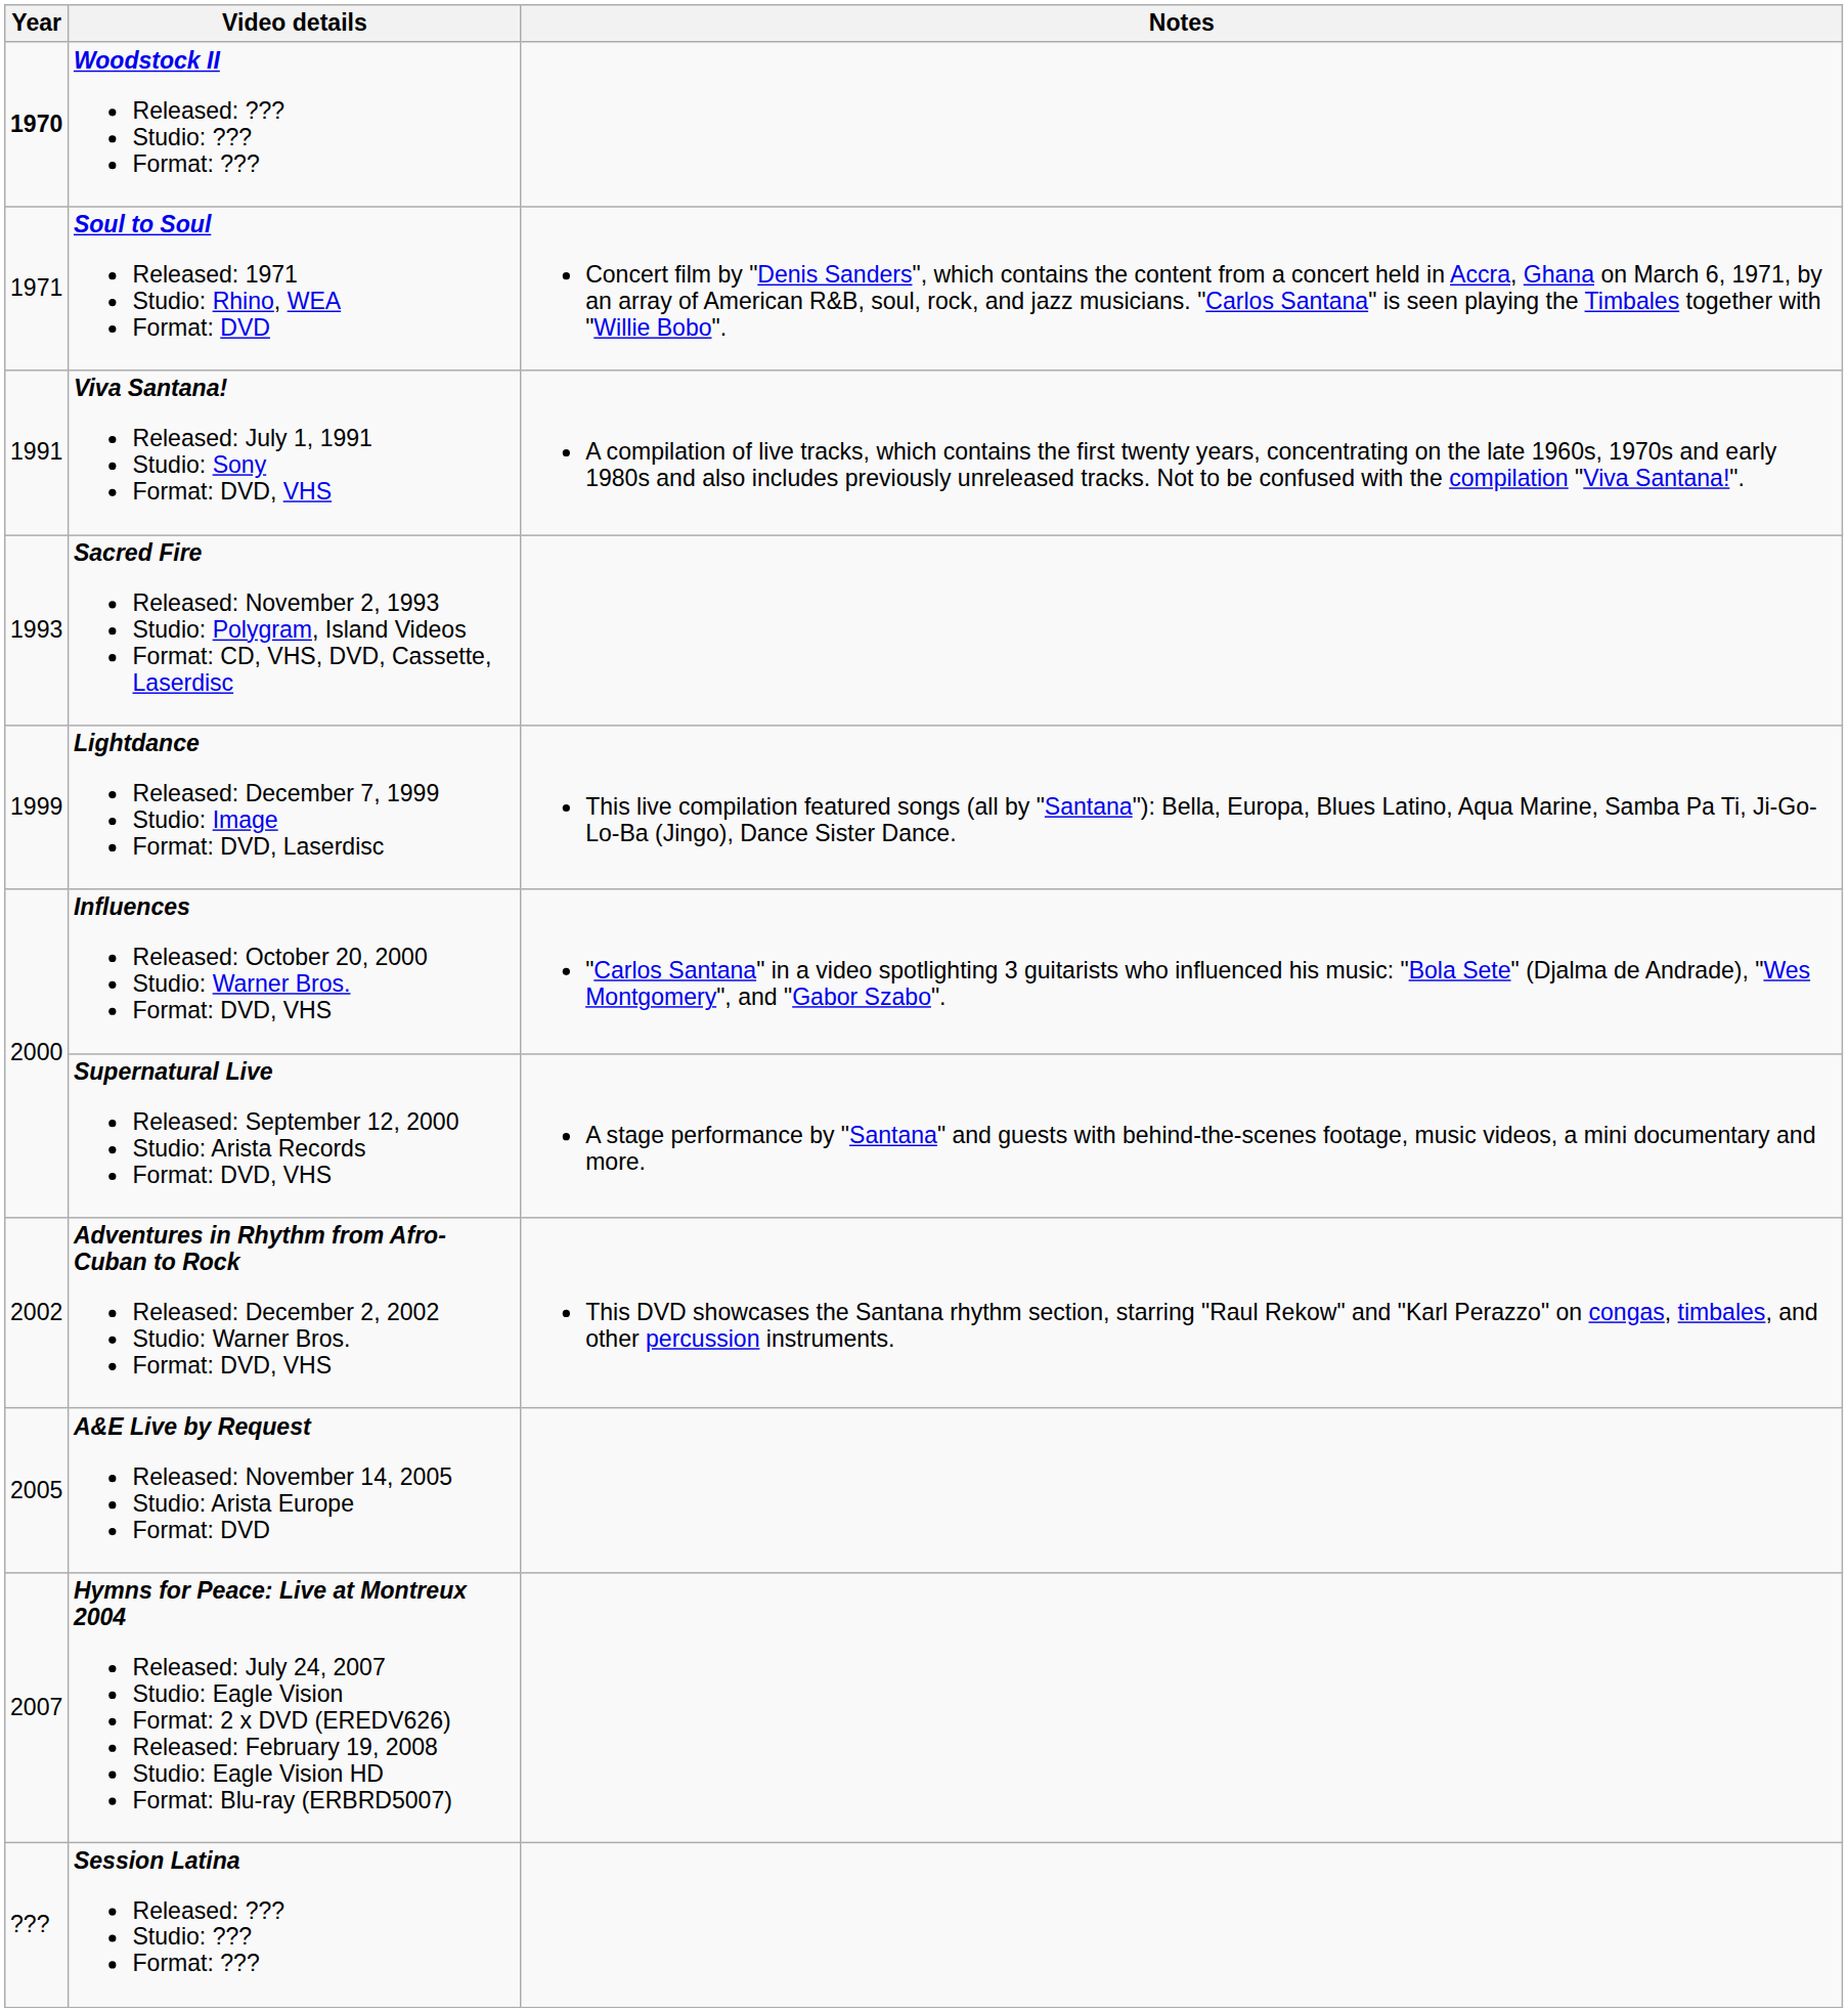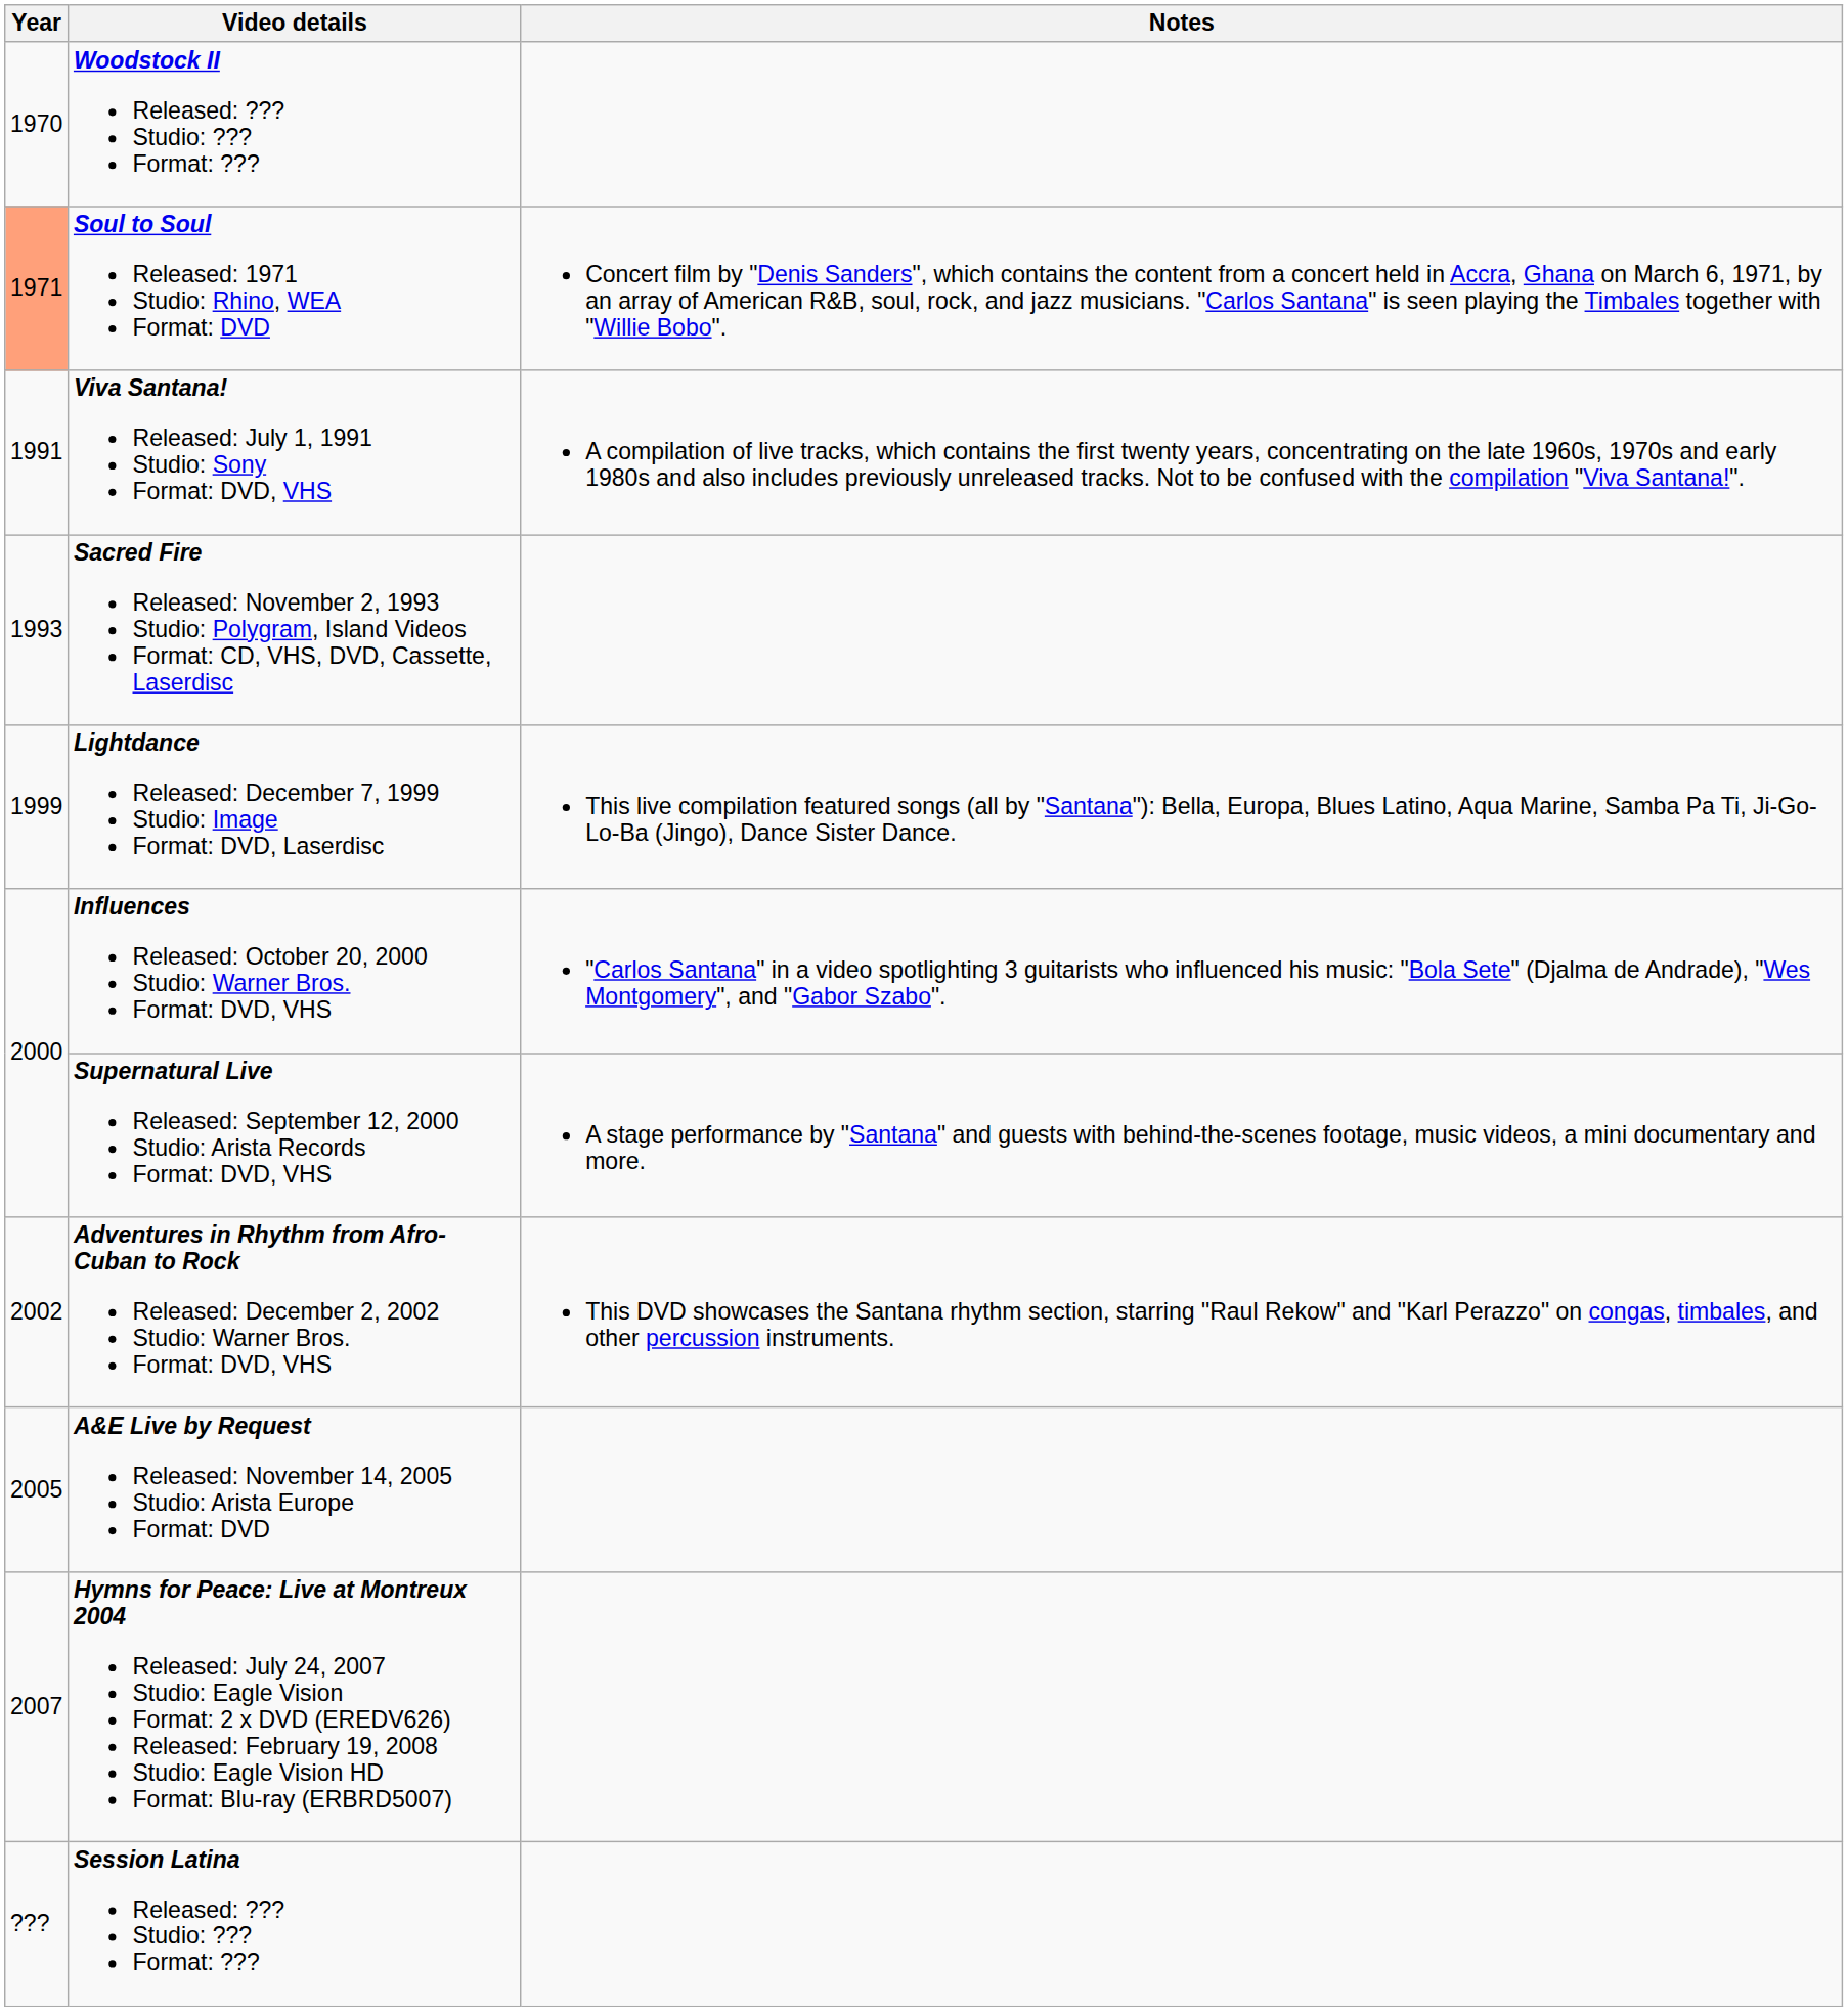 <table class="wikitable">
 <tr>
 <th style="text-align:center;">Year</th>
 <th style="text-align:center; width:300px;">Video details</th>
 <th>Notes</th>
 </tr>
 <tr>
-<td><strong>1970</strong></td>
+<td>1970</td>
 <td><strong><em><a href='#'>Woodstock II</a></em></strong><br><ul><li>Released: ???</li><li>Studio: ???</li><li>Format: ???</li></ul></td>
 <td></td>
 </tr>
 <tr>
-<td>1971</td>
+<td style="background: lightsalmon;">1971</td>
 <td><strong><em><a href='#'>Soul to Soul</a></em></strong><br><ul><li>Released: 1971</li><li>Studio: <a href='#'>Rhino</a>, <a href='#'>WEA</a></li><li>Format: <a href='#'>DVD</a></li></ul></td>
 <td><br><ul><li>Concert film by "<a href='#'>Denis Sanders</a>", which contains the content from a concert held in <a href='#'>Accra</a>, <a href='#'>Ghana</a> on March 6, 1971, by an array of American R&B, soul, rock, and jazz musicians. "<a href='#'>Carlos Santana</a>" is seen playing the <a href='#'>Timbales</a> together with "<a href='#'>Willie Bobo</a>".</li></ul></td>
 </tr>
 <tr>
 <td>1991</td>
 <td><strong><em>Viva Santana!</em></strong><br><ul><li>Released: July 1, 1991</li><li>Studio: <a href='#'>Sony</a></li><li>Format: DVD, <a href='#'>VHS</a></li></ul></td>
 <td><br><ul><li>A compilation of live tracks, which contains the first twenty years, concentrating on the late 1960s, 1970s and early 1980s and also includes previously unreleased tracks. Not to be confused with the <a href='#'>compilation</a> "<a href='#'>Viva Santana!</a>".</li></ul></td>
 </tr>
 <tr>
 <td>1993</td>
 <td><strong><em>Sacred Fire</em></strong><br><ul><li>Released: November 2, 1993</li><li>Studio: <a href='#'>Polygram</a>, Island Videos</li><li>Format: CD, VHS, DVD, Cassette, <a href='#'>Laserdisc</a></li></ul></td>
 <td></td>
 </tr>
 <tr>
 <td>1999</td>
 <td><strong><em>Lightdance</em></strong><br><ul><li>Released: December 7, 1999</li><li>Studio: <a href='#'>Image</a></li><li>Format: DVD, Laserdisc</li></ul></td>
 <td><br><ul><li>This live compilation featured songs (all by "<a href='#'>Santana</a>"): Bella, Europa, Blues Latino, Aqua Marine, Samba Pa Ti, Ji-Go-Lo-Ba (Jingo), Dance Sister Dance.</li></ul></td>
 </tr>
 <tr>
 <td rowspan="2">2000</td>
 <td><strong><em>Influences</em></strong><br><ul><li>Released: October 20, 2000</li><li>Studio: <a href='#'>Warner Bros.</a></li><li>Format: DVD, VHS</li></ul></td>
 <td><br><ul><li>"<a href='#'>Carlos Santana</a>" in a video spotlighting 3 guitarists who influenced his music: "<a href='#'>Bola Sete</a>" (Djalma de Andrade), "<a href='#'>Wes Montgomery</a>", and "<a href='#'>Gabor Szabo</a>".</li></ul></td>
 </tr>
 <tr>
 <td><strong><em>Supernatural Live</em></strong><br><ul><li>Released: September 12, 2000</li><li>Studio: Arista Records</li><li>Format: DVD, VHS</li></ul></td>
 <td><br><ul><li>A stage performance by "<a href='#'>Santana</a>" and guests with behind-the-scenes footage, music videos, a mini documentary and more.</li></ul></td>
 </tr>
 <tr>
 <td>2002</td>
 <td><strong><em>Adventures in Rhythm from Afro-Cuban to Rock</em></strong><br><ul><li>Released: December 2, 2002</li><li>Studio: Warner Bros.</li><li>Format: DVD, VHS</li></ul></td>
 <td><br><ul><li>This DVD showcases the Santana rhythm section, starring "Raul Rekow" and "Karl Perazzo" on <a href='#'>congas</a>, <a href='#'>timbales</a>, and other <a href='#'>percussion</a> instruments.</li></ul></td>
 </tr>
 <tr>
 <td>2005</td>
 <td><strong><em>A&E Live by Request</em></strong><br><ul><li>Released: November 14, 2005</li><li>Studio: Arista Europe</li><li>Format: DVD</li></ul></td>
 </tr>
 <tr>
 <td>2007</td>
 <td><strong><em>Hymns for Peace: Live at Montreux 2004</em></strong><br><ul><li>Released: July 24, 2007</li><li>Studio: Eagle Vision</li><li>Format: 2 x DVD (EREDV626)</li><li>Released: February 19, 2008</li><li>Studio: Eagle Vision HD</li><li>Format: Blu-ray (ERBRD5007)</li></ul></td>
 <td></td>
 </tr>
 <tr>
 <td>???</td>
 <td><strong><em>Session Latina</em></strong><br><ul><li>Released: ???</li><li>Studio: ???</li><li>Format: ???</li></ul></td>
 <td></td>
 </tr>
 </table>
